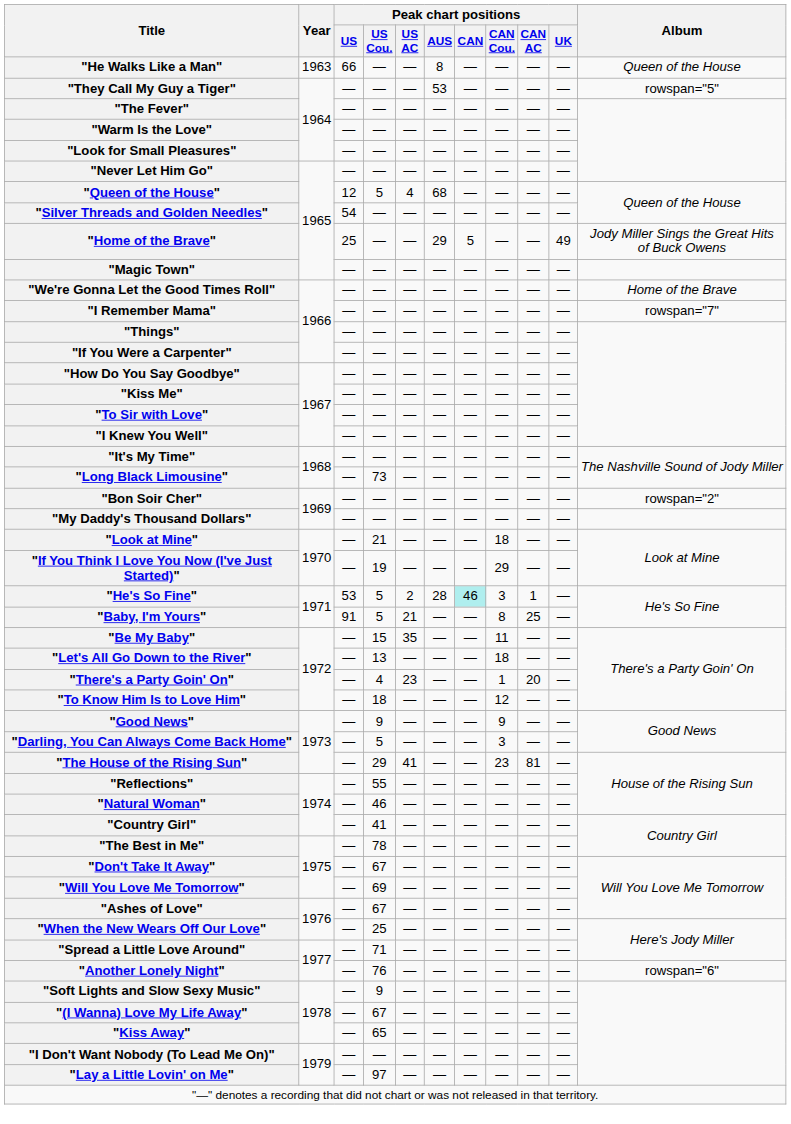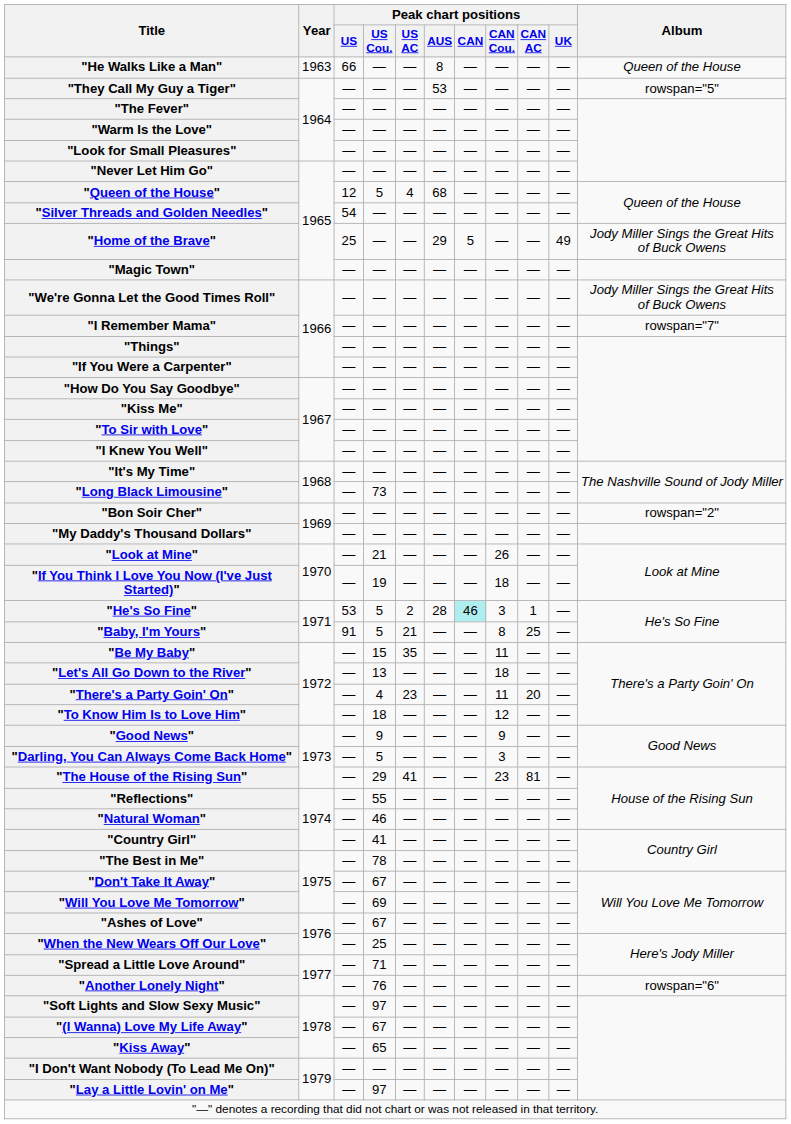 <table class="wikitable plainrowheaders" style="text-align:center;" border="1">
 <tr>
 <th scope="col" rowspan="2" style="width:22em;">Title</th>
 <th scope="col" rowspan="2">Year</th>
 <th scope="col" colspan="8">Peak chart positions</th>
 <th scope="col" rowspan="2">Album</th>
 </tr>
 <tr>
 <th scope="col" style="width:2em;font-size:90%;"><a href='#'>US</a><br></th>
 <th scope="col" style="width:2em;font-size:90%;"><a href='#'>US<br>Cou.</a><br></th>
 <th scope="col" style="width:2em;font-size:90%;"><a href='#'>US<br>AC</a><br></th>
 <th scope="col" style="width:2em;font-size:90%;"><a href='#'>AUS</a><br></th>
 <th scope="col" style="width:2em;font-size:90%;"><a href='#'>CAN</a><br></th>
 <th scope="col" style="width:2em;font-size:90%;"><a href='#'>CAN<br>Cou.</a><br></th>
 <th scope="col" style="width:2em;font-size:90%;"><a href='#'>CAN<br>AC</a><br></th>
 <th scope="col" style="width:2em;font-size:90%;"><a href='#'>UK</a><br></th>
 </tr>
 <tr>
 <th scope="row">"He Walks Like a Man"</th>
 <td>1963</td>
 <td>66</td>
 <td>—</td>
 <td>—</td>
 <td>8</td>
 <td>—</td>
 <td>—</td>
 <td>—</td>
 <td>—</td>
 <td><em>Queen of the House</em></td>
 </tr>
 <tr>
 <th scope="row">"They Call My Guy a Tiger"</th>
 <td rowspan="4">1964</td>
 <td>—</td>
 <td>—</td>
 <td>—</td>
 <td>53</td>
 <td>—</td>
 <td>—</td>
 <td>—</td>
 <td>—</td>
 <td>rowspan="5" </td>
 </tr>
 <tr>
 <th scope="row">"The Fever"</th>
 <td>—</td>
 <td>—</td>
 <td>—</td>
 <td>—</td>
 <td>—</td>
 <td>—</td>
 <td>—</td>
 <td>—</td>
 </tr>
 <tr>
 <th scope="row">"Warm Is the Love"</th>
 <td>—</td>
 <td>—</td>
 <td>—</td>
 <td>—</td>
 <td>—</td>
 <td>—</td>
 <td>—</td>
 <td>—</td>
 </tr>
 <tr>
 <th scope="row">"Look for Small Pleasures"</th>
 <td>—</td>
 <td>—</td>
 <td>—</td>
 <td>—</td>
 <td>—</td>
 <td>—</td>
 <td>—</td>
 <td>—</td>
 </tr>
 <tr>
 <th scope="row">"Never Let Him Go"</th>
 <td rowspan="5">1965</td>
 <td>—</td>
 <td>—</td>
 <td>—</td>
 <td>—</td>
 <td>—</td>
 <td>—</td>
 <td>—</td>
 <td>—</td>
 </tr>
 <tr>
 <th scope="row">"<a href='#'>Queen of the House</a>"</th>
 <td>12</td>
 <td>5</td>
 <td>4</td>
 <td>68</td>
 <td>—</td>
 <td>—</td>
 <td>—</td>
 <td>—</td>
 <td rowspan="2"><em>Queen of the House</em></td>
 </tr>
 <tr>
 <th scope="row">"<a href='#'>Silver Threads and Golden Needles</a>"</th>
 <td>54</td>
 <td>—</td>
 <td>—</td>
 <td>—</td>
 <td>—</td>
 <td>—</td>
 <td>—</td>
 <td>—</td>
 </tr>
 <tr>
 <th scope="row">"<a href='#'>Home of the Brave</a>"</th>
 <td>25</td>
 <td>—</td>
 <td>—</td>
 <td>29</td>
 <td>5</td>
 <td>—</td>
 <td>—</td>
 <td>49</td>
 <td><em>Jody Miller Sings the Great Hits<br>of Buck Owens</em></td>
 </tr>
 <tr>
 <th scope="row">"Magic Town"</th>
 <td>—</td>
 <td>—</td>
 <td>—</td>
 <td>—</td>
 <td>—</td>
 <td>—</td>
 <td>—</td>
 <td>—</td>
 <td></td>
 </tr>
 <tr>
 <th scope="row">"We're Gonna Let the Good Times Roll"</th>
 <td rowspan="4">1966</td>
 <td>—</td>
 <td>—</td>
 <td>—</td>
 <td>—</td>
 <td>—</td>
 <td>—</td>
 <td>—</td>
 <td>—</td>
-<td><em>Home of the Brave</em></td>
+<td><em>Jody Miller Sings the Great Hits<br>of Buck Owens</em></td>
 </tr>
 <tr>
 <th scope="row">"I Remember Mama"</th>
 <td>—</td>
 <td>—</td>
 <td>—</td>
 <td>—</td>
 <td>—</td>
 <td>—</td>
 <td>—</td>
 <td>—</td>
 <td>rowspan="7" </td>
 </tr>
 <tr>
 <th scope="row">"Things"</th>
 <td>—</td>
 <td>—</td>
 <td>—</td>
 <td>—</td>
 <td>—</td>
 <td>—</td>
 <td>—</td>
 <td>—</td>
 </tr>
 <tr>
 <th scope="row">"If You Were a Carpenter"</th>
 <td>—</td>
 <td>—</td>
 <td>—</td>
 <td>—</td>
 <td>—</td>
 <td>—</td>
 <td>—</td>
 <td>—</td>
 </tr>
 <tr>
 <th scope="row">"How Do You Say Goodbye"</th>
 <td rowspan="4">1967</td>
 <td>—</td>
 <td>—</td>
 <td>—</td>
 <td>—</td>
 <td>—</td>
 <td>—</td>
 <td>—</td>
 <td>—</td>
 </tr>
 <tr>
 <th scope="row">"Kiss Me"</th>
 <td>—</td>
 <td>—</td>
 <td>—</td>
 <td>—</td>
 <td>—</td>
 <td>—</td>
 <td>—</td>
 <td>—</td>
 </tr>
 <tr>
 <th scope="row">"<a href='#'>To Sir with Love</a>"</th>
 <td>—</td>
 <td>—</td>
 <td>—</td>
 <td>—</td>
 <td>—</td>
 <td>—</td>
 <td>—</td>
 <td>—</td>
 </tr>
 <tr>
 <th scope="row">"I Knew You Well"</th>
 <td>—</td>
 <td>—</td>
 <td>—</td>
 <td>—</td>
 <td>—</td>
 <td>—</td>
 <td>—</td>
 <td>—</td>
 </tr>
 <tr>
 <th scope="row">"It's My Time"</th>
 <td rowspan="2">1968</td>
 <td>—</td>
 <td>—</td>
 <td>—</td>
 <td>—</td>
 <td>—</td>
 <td>—</td>
 <td>—</td>
 <td>—</td>
 <td rowspan="2"><em>The Nashville Sound of Jody Miller</em></td>
 </tr>
 <tr>
 <th scope="row">"<a href='#'>Long Black Limousine</a>"</th>
 <td>—</td>
 <td>73</td>
 <td>—</td>
 <td>—</td>
 <td>—</td>
 <td>—</td>
 <td>—</td>
 <td>—</td>
 </tr>
 <tr>
 <th scope="row">"Bon Soir Cher"</th>
 <td rowspan="2">1969</td>
 <td>—</td>
 <td>—</td>
 <td>—</td>
 <td>—</td>
 <td>—</td>
 <td>—</td>
 <td>—</td>
 <td>—</td>
 <td>rowspan="2" </td>
 </tr>
 <tr>
 <th scope="row">"My Daddy's Thousand Dollars"</th>
 <td>—</td>
 <td>—</td>
 <td>—</td>
 <td>—</td>
 <td>—</td>
 <td>—</td>
 <td>—</td>
 <td>—</td>
 </tr>
 <tr>
 <th scope="row">"<a href='#'>Look at Mine</a>"</th>
 <td rowspan="2">1970</td>
 <td>—</td>
 <td>21</td>
 <td>—</td>
 <td>—</td>
 <td>—</td>
-<td>18</td>
+<td>26</td>
 <td>—</td>
 <td>—</td>
 <td rowspan="2"><em>Look at Mine</em></td>
 </tr>
 <tr>
 <th scope="row">"<a href='#'>If You Think I Love You Now (I've Just Started)</a>"</th>
 <td>—</td>
 <td>19</td>
 <td>—</td>
 <td>—</td>
 <td>—</td>
-<td>29</td>
+<td>18</td>
 <td>—</td>
 <td>—</td>
 </tr>
 <tr>
 <th scope="row">"<a href='#'>He's So Fine</a>"</th>
 <td rowspan="2">1971</td>
 <td>53</td>
 <td>5</td>
 <td>2</td>
 <td>28</td>
 <td style="background: paleturquoise;">46</td>
 <td>3</td>
 <td>1</td>
 <td>—</td>
 <td rowspan="2"><em>He's So Fine</em></td>
 </tr>
 <tr>
 <th scope="row">"<a href='#'>Baby, I'm Yours</a>"</th>
 <td>91</td>
 <td>5</td>
 <td>21</td>
 <td>—</td>
 <td>—</td>
 <td>8</td>
 <td>25</td>
 <td>—</td>
 </tr>
 <tr>
 <th scope="row">"<a href='#'>Be My Baby</a>"</th>
 <td rowspan="4">1972</td>
 <td>—</td>
 <td>15</td>
 <td>35</td>
 <td>—</td>
 <td>—</td>
 <td>11</td>
 <td>—</td>
 <td>—</td>
 <td rowspan="4"><em>There's a Party Goin' On</em></td>
 </tr>
 <tr>
 <th scope="row">"<a href='#'>Let's All Go Down to the River</a>"<br></th>
 <td>—</td>
 <td>13</td>
 <td>—</td>
 <td>—</td>
 <td>—</td>
 <td>18</td>
 <td>—</td>
 <td>—</td>
 </tr>
 <tr>
 <th scope="row">"<a href='#'>There's a Party Goin' On</a>"</th>
 <td>—</td>
 <td>4</td>
 <td>23</td>
 <td>—</td>
 <td>—</td>
-<td>1</td>
+<td>11</td>
 <td>20</td>
 <td>—</td>
 </tr>
 <tr>
 <th scope="row">"<a href='#'>To Know Him Is to Love Him</a>"</th>
 <td>—</td>
 <td>18</td>
 <td>—</td>
 <td>—</td>
 <td>—</td>
 <td>12</td>
 <td>—</td>
 <td>—</td>
 </tr>
 <tr>
 <th scope="row">"<a href='#'>Good News</a>"</th>
 <td rowspan="3">1973</td>
 <td>—</td>
 <td>9</td>
 <td>—</td>
 <td>—</td>
 <td>—</td>
 <td>9</td>
 <td>—</td>
 <td>—</td>
 <td rowspan="2"><em>Good News</em></td>
 </tr>
 <tr>
 <th scope="row">"<a href='#'>Darling, You Can Always Come Back Home</a>"</th>
 <td>—</td>
 <td>5</td>
 <td>—</td>
 <td>—</td>
 <td>—</td>
 <td>3</td>
 <td>—</td>
 <td>—</td>
 </tr>
 <tr>
 <th scope="row">"<a href='#'>The House of the Rising Sun</a>"</th>
 <td>—</td>
 <td>29</td>
 <td>41</td>
 <td>—</td>
 <td>—</td>
 <td>23</td>
 <td>81</td>
 <td>—</td>
 <td rowspan="3"><em>House of the Rising Sun</em></td>
 </tr>
 <tr>
 <th scope="row">"Reflections"</th>
 <td rowspan="3">1974</td>
 <td>—</td>
 <td>55</td>
 <td>—</td>
 <td>—</td>
 <td>—</td>
 <td>—</td>
 <td>—</td>
 <td>—</td>
 </tr>
 <tr>
 <th scope="row">"<a href='#'>Natural Woman</a>"</th>
 <td>—</td>
 <td>46</td>
 <td>—</td>
 <td>—</td>
 <td>—</td>
 <td>—</td>
 <td>—</td>
 <td>—</td>
 </tr>
 <tr>
 <th scope="row">"Country Girl"</th>
 <td>—</td>
 <td>41</td>
 <td>—</td>
 <td>—</td>
 <td>—</td>
 <td>—</td>
 <td>—</td>
 <td>—</td>
 <td rowspan="2"><em>Country Girl</em></td>
 </tr>
 <tr>
 <th scope="row">"The Best in Me"</th>
 <td rowspan="3">1975</td>
 <td>—</td>
 <td>78</td>
 <td>—</td>
 <td>—</td>
 <td>—</td>
 <td>—</td>
 <td>—</td>
 <td>—</td>
 </tr>
 <tr>
 <th scope="row">"<a href='#'>Don't Take It Away</a>"</th>
 <td>—</td>
 <td>67</td>
 <td>—</td>
 <td>—</td>
 <td>—</td>
 <td>—</td>
 <td>—</td>
 <td>—</td>
 <td rowspan="3"><em>Will You Love Me Tomorrow</em></td>
 </tr>
 <tr>
 <th scope="row">"<a href='#'>Will You Love Me Tomorrow</a>"</th>
 <td>—</td>
 <td>69</td>
 <td>—</td>
 <td>—</td>
 <td>—</td>
 <td>—</td>
 <td>—</td>
 <td>—</td>
 </tr>
 <tr>
 <th scope="row">"Ashes of Love"</th>
 <td rowspan="2">1976</td>
 <td>—</td>
 <td>67</td>
 <td>—</td>
 <td>—</td>
 <td>—</td>
 <td>—</td>
 <td>—</td>
 <td>—</td>
 </tr>
 <tr>
 <th scope="row">"<a href='#'>When the New Wears Off Our Love</a>"</th>
 <td>—</td>
 <td>25</td>
 <td>—</td>
 <td>—</td>
 <td>—</td>
 <td>—</td>
 <td>—</td>
 <td>—</td>
 <td rowspan="2"><em>Here's Jody Miller</em></td>
 </tr>
 <tr>
 <th scope="row">"Spread a Little Love Around"</th>
 <td rowspan="2">1977</td>
 <td>—</td>
 <td>71</td>
 <td>—</td>
 <td>—</td>
 <td>—</td>
 <td>—</td>
 <td>—</td>
 <td>—</td>
 </tr>
 <tr>
 <th scope="row">"<a href='#'>Another Lonely Night</a>"</th>
 <td>—</td>
 <td>76</td>
 <td>—</td>
 <td>—</td>
 <td>—</td>
 <td>—</td>
 <td>—</td>
 <td>—</td>
 <td>rowspan="6" </td>
 </tr>
 <tr>
 <th scope="row">"Soft Lights and Slow Sexy Music"</th>
 <td rowspan="3">1978</td>
 <td>—</td>
-<td>9</td>
+<td>97</td>
 <td>—</td>
 <td>—</td>
 <td>—</td>
 <td>—</td>
 <td>—</td>
 <td>—</td>
 </tr>
 <tr>
 <th scope="row">"<a href='#'>(I Wanna) Love My Life Away</a>"</th>
 <td>—</td>
 <td>67</td>
 <td>—</td>
 <td>—</td>
 <td>—</td>
 <td>—</td>
 <td>—</td>
 <td>—</td>
 </tr>
 <tr>
 <th scope="row">"<a href='#'>Kiss Away</a>"</th>
 <td>—</td>
 <td>65</td>
 <td>—</td>
 <td>—</td>
 <td>—</td>
 <td>—</td>
 <td>—</td>
 <td>—</td>
 </tr>
 <tr>
 <th scope="row">"I Don't Want Nobody (To Lead Me On)"</th>
 <td rowspan="2">1979</td>
 <td>—</td>
 <td>—</td>
 <td>—</td>
 <td>—</td>
 <td>—</td>
 <td>—</td>
 <td>—</td>
 <td>—</td>
 </tr>
 <tr>
 <th scope="row">"<a href='#'>Lay a Little Lovin' on Me</a>"</th>
 <td>—</td>
 <td>97</td>
 <td>—</td>
 <td>—</td>
 <td>—</td>
 <td>—</td>
 <td>—</td>
 <td>—</td>
 </tr>
 <tr>
 <td colspan="11" style="font-size:90%">"—" denotes a recording that did not chart or was not released in that territory.</td>
 </tr>
 </table>
